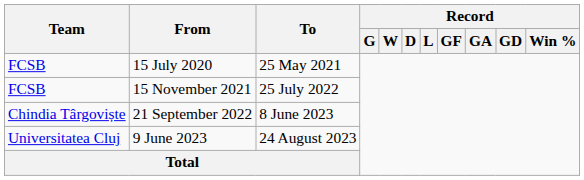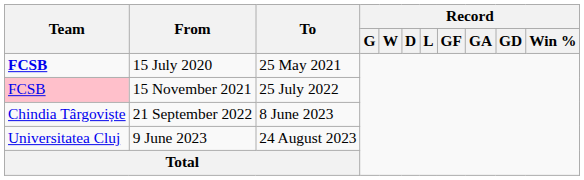 <table class="wikitable" style="text-align: center">
 <tr>
 <th rowspan=2>Team</th>
 <th rowspan=2>From</th>
 <th rowspan=2>To</th>
 <th colspan=8>Record</th>
 </tr>
 <tr>
 <th>G</th>
 <th>W</th>
 <th>D</th>
 <th>L</th>
 <th>GF</th>
 <th>GA</th>
 <th>GD</th>
 <th>Win %</th>
 </tr>
 <tr>
-<td align=left> <a href='#'>FCSB</a></td>
+<td align=left><strong> <a href='#'>FCSB</a></strong></td>
 <td align=left>15 July 2020</td>
 <td align=left>25 May 2021<br></td>
 </tr>
 <tr>
-<td align=left> <a href='#'>FCSB</a></td>
+<td align=left style="background: pink;"> <a href='#'>FCSB</a></td>
 <td align=left>15 November 2021</td>
 <td align=left>25 July 2022<br></td>
 </tr>
 <tr>
 <td align=left> <a href='#'>Chindia Târgoviște</a></td>
 <td align=left>21 September 2022</td>
 <td align=left>8 June 2023<br></td>
 </tr>
 <tr>
 <td align=left> <a href='#'>Universitatea Cluj</a></td>
 <td align=left>9 June 2023</td>
 <td align=left>24 August 2023<br></td>
 </tr>
 <tr>
 <th colspan="3">Total<br></th>
 </tr>
 </table>
